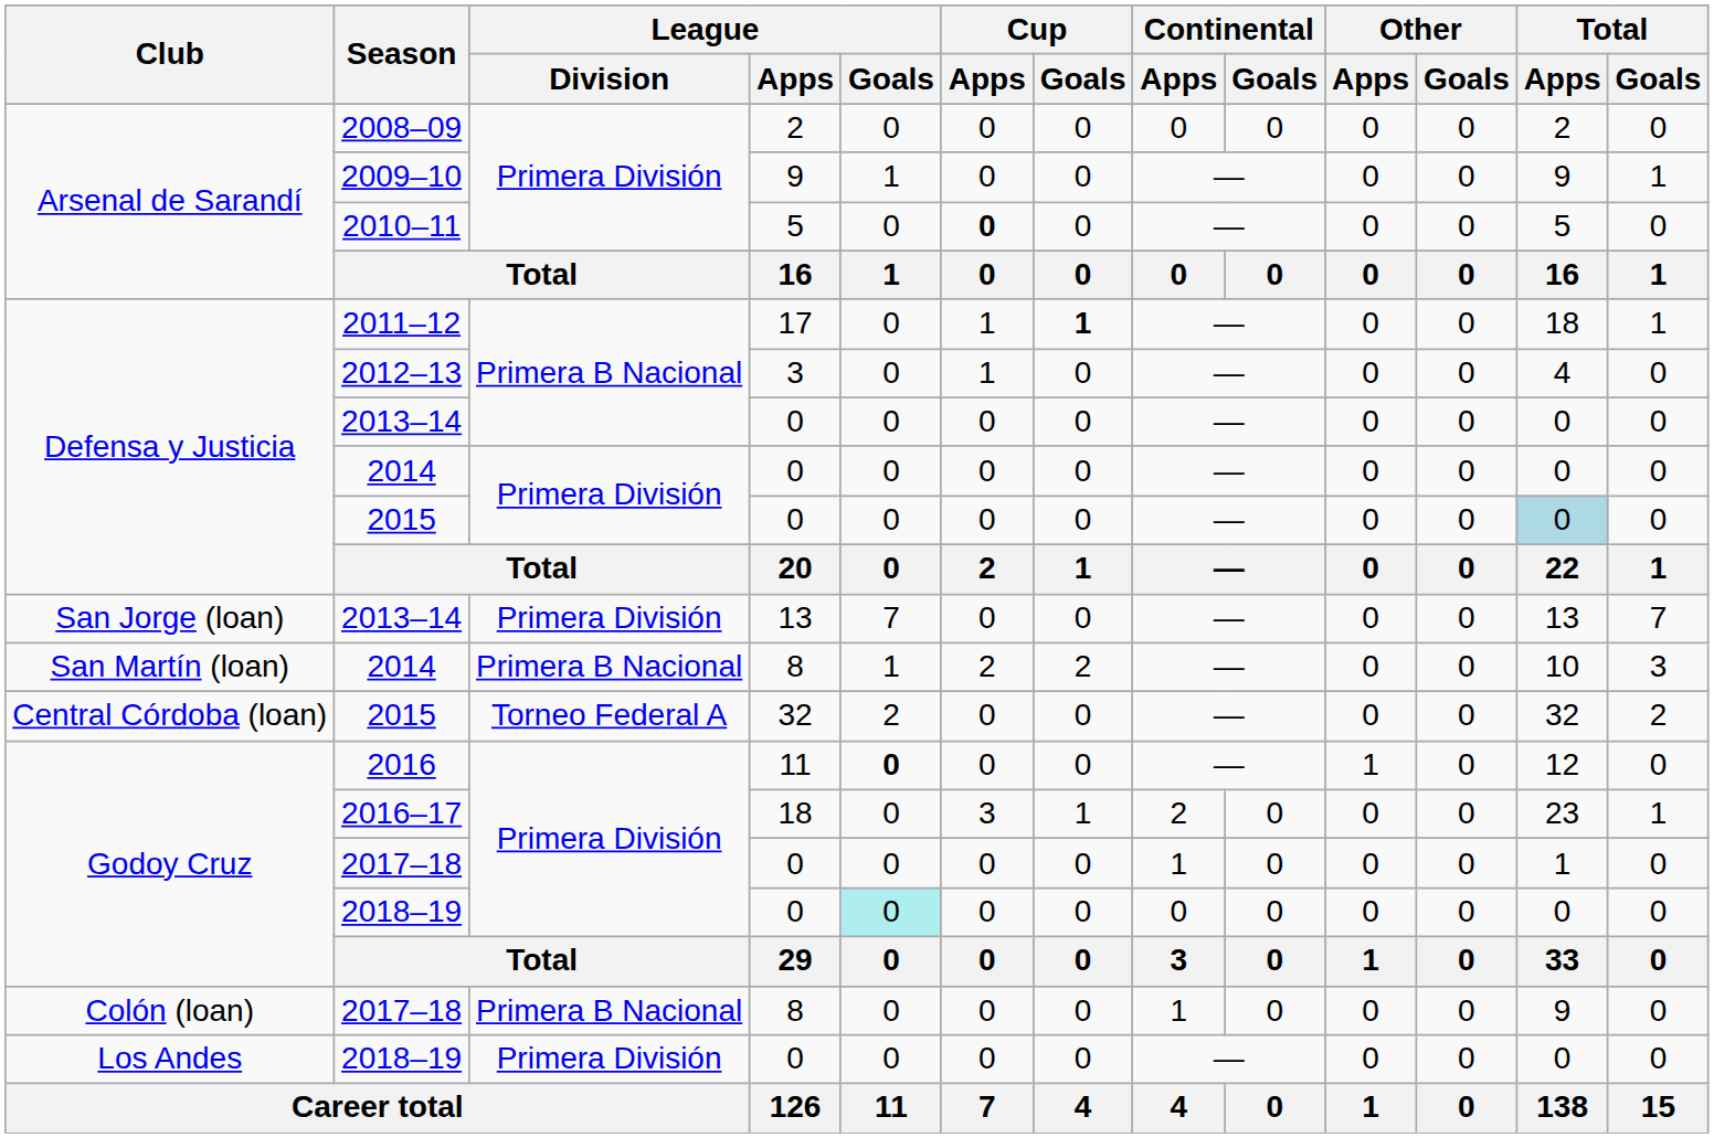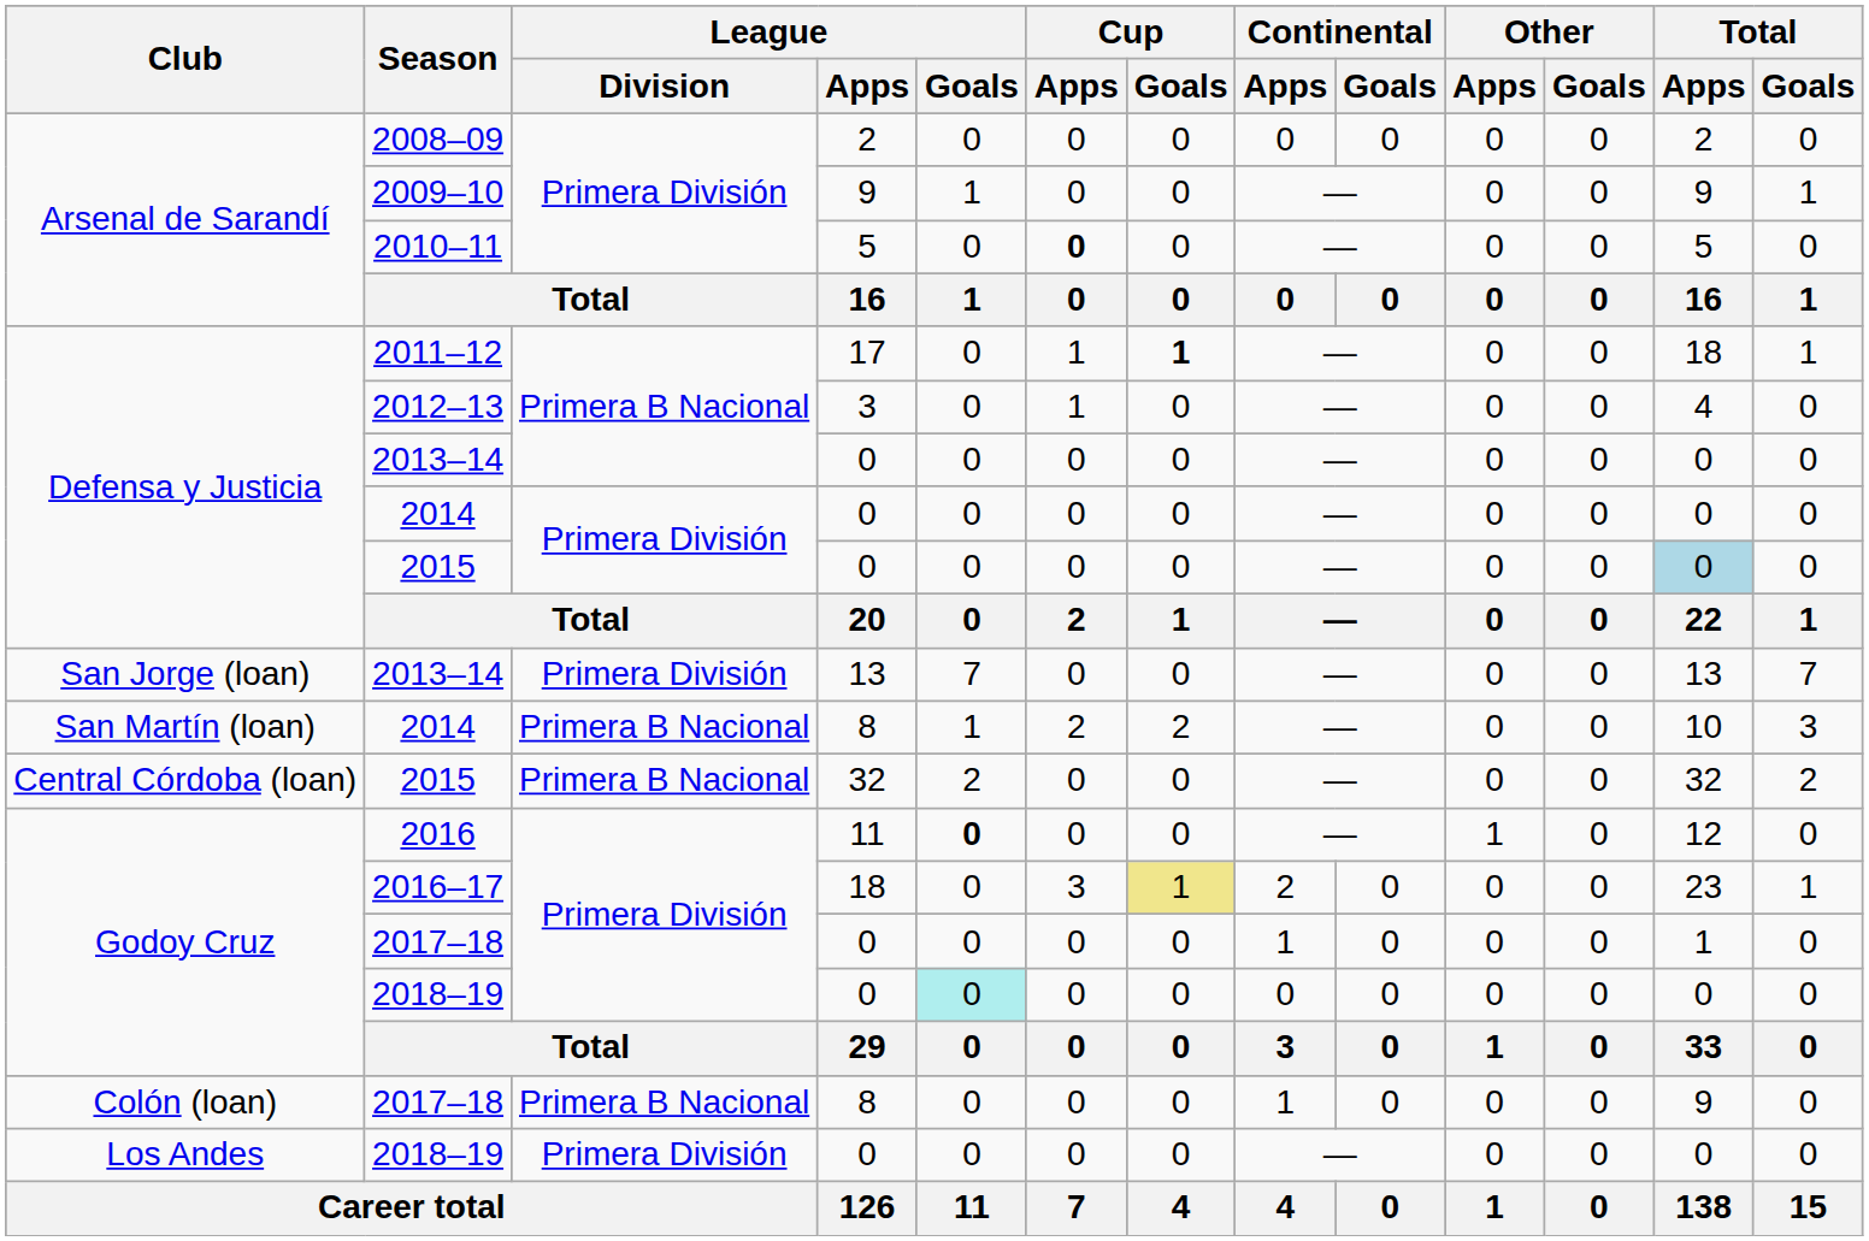 <table class="wikitable" style="text-align:center">
 <tr>
 <th rowspan="2">Club</th>
 <th rowspan="2">Season</th>
 <th colspan="3">League</th>
 <th colspan="2">Cup</th>
 <th colspan="2">Continental</th>
 <th colspan="2">Other</th>
 <th colspan="2">Total</th>
 </tr>
 <tr>
 <th>Division</th>
 <th>Apps</th>
 <th>Goals</th>
 <th>Apps</th>
 <th>Goals</th>
 <th>Apps</th>
 <th>Goals</th>
 <th>Apps</th>
 <th>Goals</th>
 <th>Apps</th>
 <th>Goals</th>
 </tr>
 <tr>
 <td rowspan="4"><a href='#'>Arsenal de Sarandí</a></td>
 <td><a href='#'>2008–09</a></td>
 <td rowspan="3"><a href='#'>Primera División</a></td>
 <td>2</td>
 <td>0</td>
 <td>0</td>
 <td>0</td>
 <td>0</td>
 <td>0</td>
 <td>0</td>
 <td>0</td>
 <td>2</td>
 <td>0</td>
 </tr>
 <tr>
 <td><a href='#'>2009–10</a></td>
 <td>9</td>
 <td>1</td>
 <td>0</td>
 <td>0</td>
 <td colspan="2">—</td>
 <td>0</td>
 <td>0</td>
 <td>9</td>
 <td>1</td>
 </tr>
 <tr>
 <td><a href='#'>2010–11</a></td>
 <td>5</td>
 <td>0</td>
 <td><strong>0</strong></td>
 <td>0</td>
 <td colspan="2">—</td>
 <td>0</td>
 <td>0</td>
 <td>5</td>
 <td>0</td>
 </tr>
 <tr>
 <th colspan="2">Total</th>
 <th>16</th>
 <th>1</th>
 <th>0</th>
 <th>0</th>
 <th>0</th>
 <th>0</th>
 <th>0</th>
 <th>0</th>
 <th>16</th>
 <th>1</th>
 </tr>
 <tr>
 <td rowspan="6"><a href='#'>Defensa y Justicia</a></td>
 <td><a href='#'>2011–12</a></td>
 <td rowspan="3"><a href='#'>Primera B Nacional</a></td>
 <td>17</td>
 <td>0</td>
 <td>1</td>
 <td><strong>1</strong></td>
 <td colspan="2">—</td>
 <td>0</td>
 <td>0</td>
 <td>18</td>
 <td>1</td>
 </tr>
 <tr>
 <td><a href='#'>2012–13</a></td>
 <td>3</td>
 <td>0</td>
 <td>1</td>
 <td>0</td>
 <td colspan="2">—</td>
 <td>0</td>
 <td>0</td>
 <td>4</td>
 <td>0</td>
 </tr>
 <tr>
 <td><a href='#'>2013–14</a></td>
 <td>0</td>
 <td>0</td>
 <td>0</td>
 <td>0</td>
 <td colspan="2">—</td>
 <td>0</td>
 <td>0</td>
 <td>0</td>
 <td>0</td>
 </tr>
 <tr>
 <td><a href='#'>2014</a></td>
 <td rowspan="2"><a href='#'>Primera División</a></td>
 <td>0</td>
 <td>0</td>
 <td>0</td>
 <td>0</td>
 <td colspan="2">—</td>
 <td>0</td>
 <td>0</td>
 <td>0</td>
 <td>0</td>
 </tr>
 <tr>
 <td><a href='#'>2015</a></td>
 <td>0</td>
 <td>0</td>
 <td>0</td>
 <td>0</td>
 <td colspan="2">—</td>
 <td>0</td>
 <td>0</td>
 <td style="background: lightblue;">0</td>
 <td>0</td>
 </tr>
 <tr>
 <th colspan="2">Total</th>
 <th>20</th>
 <th>0</th>
 <th>2</th>
 <th>1</th>
 <th colspan="2">—</th>
 <th>0</th>
 <th>0</th>
 <th>22</th>
 <th>1</th>
 </tr>
 <tr>
 <td rowspan="1"><a href='#'>San Jorge</a> (loan)</td>
 <td><a href='#'>2013–14</a></td>
 <td rowspan="1"><a href='#'>Primera División</a></td>
 <td>13</td>
 <td>7</td>
 <td>0</td>
 <td>0</td>
 <td colspan="2">—</td>
 <td>0</td>
 <td>0</td>
 <td>13</td>
 <td>7</td>
 </tr>
 <tr>
 <td rowspan="1"><a href='#'>San Martín</a> (loan)</td>
 <td><a href='#'>2014</a></td>
 <td rowspan="1"><a href='#'>Primera B Nacional</a></td>
 <td>8</td>
 <td>1</td>
 <td>2</td>
 <td>2</td>
 <td colspan="2">—</td>
 <td>0</td>
 <td>0</td>
 <td>10</td>
 <td>3</td>
 </tr>
 <tr>
 <td rowspan="1"><a href='#'>Central Córdoba</a> (loan)</td>
 <td><a href='#'>2015</a></td>
-<td rowspan="1"><a href='#'>Torneo Federal A</a></td>
+<td rowspan="1"><a href='#'>Primera B Nacional</a></td>
 <td>32</td>
 <td>2</td>
 <td>0</td>
 <td>0</td>
 <td colspan="2">—</td>
 <td>0</td>
 <td>0</td>
 <td>32</td>
 <td>2</td>
 </tr>
 <tr>
 <td rowspan="5"><a href='#'>Godoy Cruz</a></td>
 <td><a href='#'>2016</a></td>
 <td rowspan="4"><a href='#'>Primera División</a></td>
 <td>11</td>
 <td><strong>0</strong></td>
 <td>0</td>
 <td>0</td>
 <td colspan="2">—</td>
 <td>1</td>
 <td>0</td>
 <td>12</td>
 <td>0</td>
 </tr>
 <tr>
 <td><a href='#'>2016–17</a></td>
 <td>18</td>
 <td>0</td>
 <td>3</td>
-<td>1</td>
+<td style="background: khaki;">1</td>
 <td>2</td>
 <td>0</td>
 <td>0</td>
 <td>0</td>
 <td>23</td>
 <td>1</td>
 </tr>
 <tr>
 <td><a href='#'>2017–18</a></td>
 <td>0</td>
 <td>0</td>
 <td>0</td>
 <td>0</td>
 <td>1</td>
 <td>0</td>
 <td>0</td>
 <td>0</td>
 <td>1</td>
 <td>0</td>
 </tr>
 <tr>
 <td><a href='#'>2018–19</a></td>
 <td>0</td>
 <td style="background: paleturquoise;">0</td>
 <td>0</td>
 <td>0</td>
 <td>0</td>
 <td>0</td>
 <td>0</td>
 <td>0</td>
 <td>0</td>
 <td>0</td>
 </tr>
 <tr>
 <th colspan="2">Total</th>
 <th>29</th>
 <th>0</th>
 <th>0</th>
 <th>0</th>
 <th>3</th>
 <th>0</th>
 <th>1</th>
 <th>0</th>
 <th>33</th>
 <th>0</th>
 </tr>
 <tr>
 <td rowspan="1"><a href='#'>Colón</a> (loan)</td>
 <td><a href='#'>2017–18</a></td>
 <td rowspan="1"><a href='#'>Primera B Nacional</a></td>
 <td>8</td>
 <td>0</td>
 <td>0</td>
 <td>0</td>
 <td>1</td>
 <td>0</td>
 <td>0</td>
 <td>0</td>
 <td>9</td>
 <td>0</td>
 </tr>
 <tr>
 <td rowspan="1"><a href='#'>Los Andes</a></td>
 <td><a href='#'>2018–19</a></td>
 <td rowspan="1"><a href='#'>Primera División</a></td>
 <td>0</td>
 <td>0</td>
 <td>0</td>
 <td>0</td>
 <td colspan="2">—</td>
 <td>0</td>
 <td>0</td>
 <td>0</td>
 <td>0</td>
 </tr>
 <tr>
 <th colspan="3">Career total</th>
 <th>126</th>
 <th>11</th>
 <th>7</th>
 <th>4</th>
 <th>4</th>
 <th>0</th>
 <th>1</th>
 <th>0</th>
 <th>138</th>
 <th>15</th>
 </tr>
 </table>
